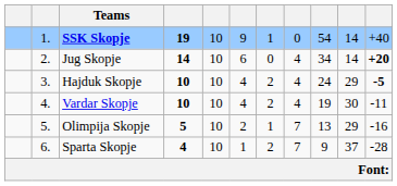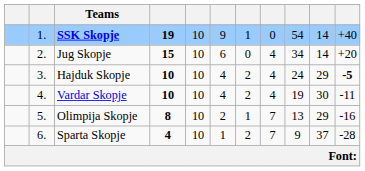 <table class="wikitable sortable" style="text-align: center; font-size: 90%;">
 <tr>
 <th width=7%></th>
 <th width=7%></th>
 <th width=27%>Teams</th>
 <th width=10%></th>
 <th width=7%></th>
 <th width=7%></th>
 <th width=7%></th>
 <th width=7%></th>
 <th width=7%></th>
 <th width=7%></th>
 <th width=7%></th>
 </tr>
 <tr style=background:#99CBFF;>
 <td></td>
 <td>1.</td>
 <td style="text-align:left;"><strong><a href='#'> SSK Skopje</a></strong></td>
 <td><strong>19</strong></td>
 <td>10</td>
 <td>9</td>
 <td>1</td>
 <td>0</td>
 <td>54</td>
 <td>14</td>
 <td>+40</td>
 </tr>
 <tr>
 <td></td>
 <td>2.</td>
 <td style="text-align:left;">Jug Skopje</td>
-<td><strong>14</strong></td>
+<td><strong>15</strong></td>
 <td>10</td>
 <td>6</td>
 <td>0</td>
 <td>4</td>
 <td>34</td>
 <td>14</td>
-<td><strong>+20</strong></td>
+<td>+20</td>
 </tr>
 <tr>
 <td></td>
 <td>3.</td>
 <td style="text-align:left;">Hajduk Skopje</td>
 <td><strong>10</strong></td>
 <td>10</td>
 <td>4</td>
 <td>2</td>
 <td>4</td>
 <td>24</td>
 <td>29</td>
 <td><strong>-5</strong></td>
 </tr>
 <tr>
 <td></td>
 <td>4.</td>
 <td style="text-align:left;"><a href='#'> Vardar Skopje</a></td>
 <td><strong>10</strong></td>
 <td>10</td>
 <td>4</td>
 <td>2</td>
 <td>4</td>
 <td>19</td>
 <td>30</td>
 <td>-11</td>
 </tr>
 <tr>
 <td></td>
 <td>5.</td>
 <td style="text-align:left;">Olimpija Skopje</td>
-<td><strong>5</strong></td>
+<td><strong>8</strong></td>
 <td>10</td>
 <td>2</td>
 <td>1</td>
 <td>7</td>
 <td>13</td>
 <td>29</td>
 <td>-16</td>
 </tr>
 <tr>
 <td></td>
 <td>6.</td>
 <td style="text-align:left;">Sparta Skopje</td>
 <td><strong>4</strong></td>
 <td>10</td>
 <td>1</td>
 <td>2</td>
 <td>7</td>
 <td>9</td>
 <td>37</td>
 <td>-28</td>
 </tr>
 <tr>
 <th colspan="11" style="text-align: right;">Font: </th>
 </tr>
 </table>
